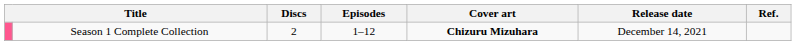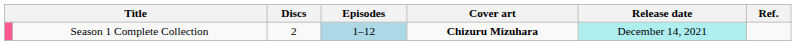 <table class="wikitable" style="text-align: center; width: 70%;">
 <tr>
 <th colspan="2">Title</th>
 <th>Discs</th>
 <th>Episodes</th>
 <th>Cover art</th>
 <th>Release date</th>
 <th>Ref.</th>
 </tr>
 <tr>
 <td rowspan="1" width="1%" style="background: #FF578F;"></td>
 <td>Season 1 Complete Collection</td>
 <td>2</td>
-<td>1–12</td>
+<td style="background: lightblue;">1–12</td>
 <td><strong>Chizuru Mizuhara</strong></td>
-<td>December 14, 2021</td>
+<td style="background: paleturquoise;">December 14, 2021</td>
 <td></td>
 </tr>
 </table>
